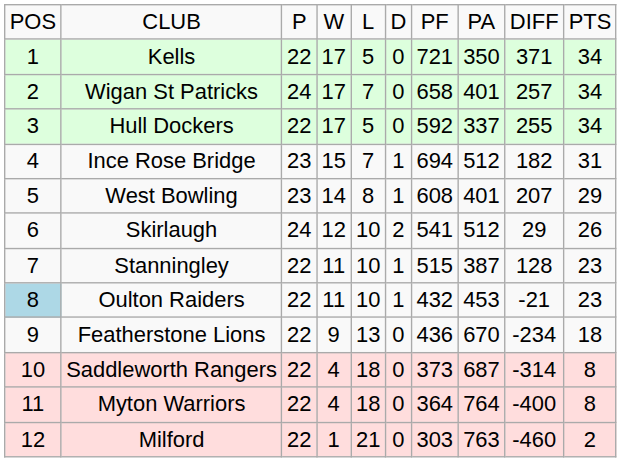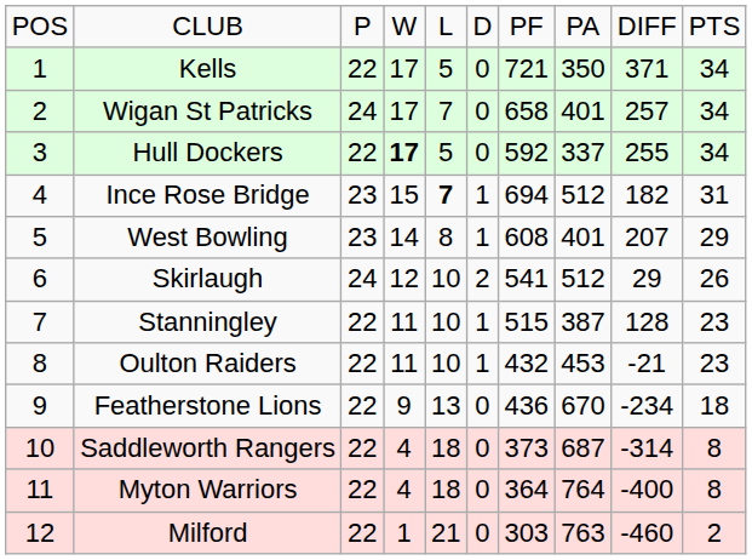 <table class="wikitable" style="text-align: center;">
 <tr>
 <td>POS</td>
 <td>CLUB</td>
 <td>P</td>
 <td>W</td>
 <td>L</td>
 <td>D</td>
 <td>PF</td>
 <td>PA</td>
 <td>DIFF</td>
 <td>PTS</td>
 </tr>
 <tr style="background:#ddffdd;">
 <td>1</td>
 <td>Kells</td>
 <td>22</td>
 <td>17</td>
 <td>5</td>
 <td>0</td>
 <td>721</td>
 <td>350</td>
 <td>371</td>
 <td>34</td>
 </tr>
 <tr style="background:#ddffdd;">
 <td>2</td>
 <td>Wigan St Patricks</td>
 <td>24</td>
 <td>17</td>
 <td>7</td>
 <td>0</td>
 <td>658</td>
 <td>401</td>
 <td>257</td>
 <td>34</td>
 </tr>
 <tr style="background:#ddffdd;">
 <td>3</td>
 <td>Hull Dockers</td>
 <td>22</td>
-<td>17</td>
+<td><strong>17</strong></td>
 <td>5</td>
 <td>0</td>
 <td>592</td>
 <td>337</td>
 <td>255</td>
 <td>34</td>
 </tr>
 <tr>
 <td>4</td>
 <td>Ince Rose Bridge</td>
 <td>23</td>
 <td>15</td>
-<td>7</td>
+<td><strong>7</strong></td>
 <td>1</td>
 <td>694</td>
 <td>512</td>
 <td>182</td>
 <td>31</td>
 </tr>
 <tr>
 <td>5</td>
 <td>West Bowling</td>
 <td>23</td>
 <td>14</td>
 <td>8</td>
 <td>1</td>
 <td>608</td>
 <td>401</td>
 <td>207</td>
 <td>29</td>
 </tr>
 <tr>
 <td>6</td>
 <td>Skirlaugh</td>
 <td>24</td>
 <td>12</td>
 <td>10</td>
 <td>2</td>
 <td>541</td>
 <td>512</td>
 <td>29</td>
 <td>26</td>
 </tr>
 <tr>
 <td>7</td>
 <td>Stanningley</td>
 <td>22</td>
 <td>11</td>
 <td>10</td>
 <td>1</td>
 <td>515</td>
 <td>387</td>
 <td>128</td>
 <td>23</td>
 </tr>
 <tr>
-<td style="background: lightblue;">8</td>
+<td>8</td>
 <td>Oulton Raiders</td>
 <td>22</td>
 <td>11</td>
 <td>10</td>
 <td>1</td>
 <td>432</td>
 <td>453</td>
 <td>-21</td>
 <td>23</td>
 </tr>
 <tr>
 <td>9</td>
 <td>Featherstone Lions</td>
 <td>22</td>
 <td>9</td>
 <td>13</td>
 <td>0</td>
 <td>436</td>
 <td>670</td>
 <td>-234</td>
 <td>18</td>
 </tr>
 <tr style="background:#ffdddd;">
 <td>10</td>
 <td>Saddleworth Rangers</td>
 <td>22</td>
 <td>4</td>
 <td>18</td>
 <td>0</td>
 <td>373</td>
 <td>687</td>
 <td>-314</td>
 <td>8</td>
 </tr>
 <tr style="background:#ffdddd;">
 <td>11</td>
 <td>Myton Warriors</td>
 <td>22</td>
 <td>4</td>
 <td>18</td>
 <td>0</td>
 <td>364</td>
 <td>764</td>
 <td>-400</td>
 <td>8</td>
 </tr>
 <tr style="background:#ffdddd;">
 <td>12</td>
 <td>Milford</td>
 <td>22</td>
 <td>1</td>
 <td>21</td>
 <td>0</td>
 <td>303</td>
 <td>763</td>
 <td>-460</td>
 <td>2</td>
 </tr>
 </table>
